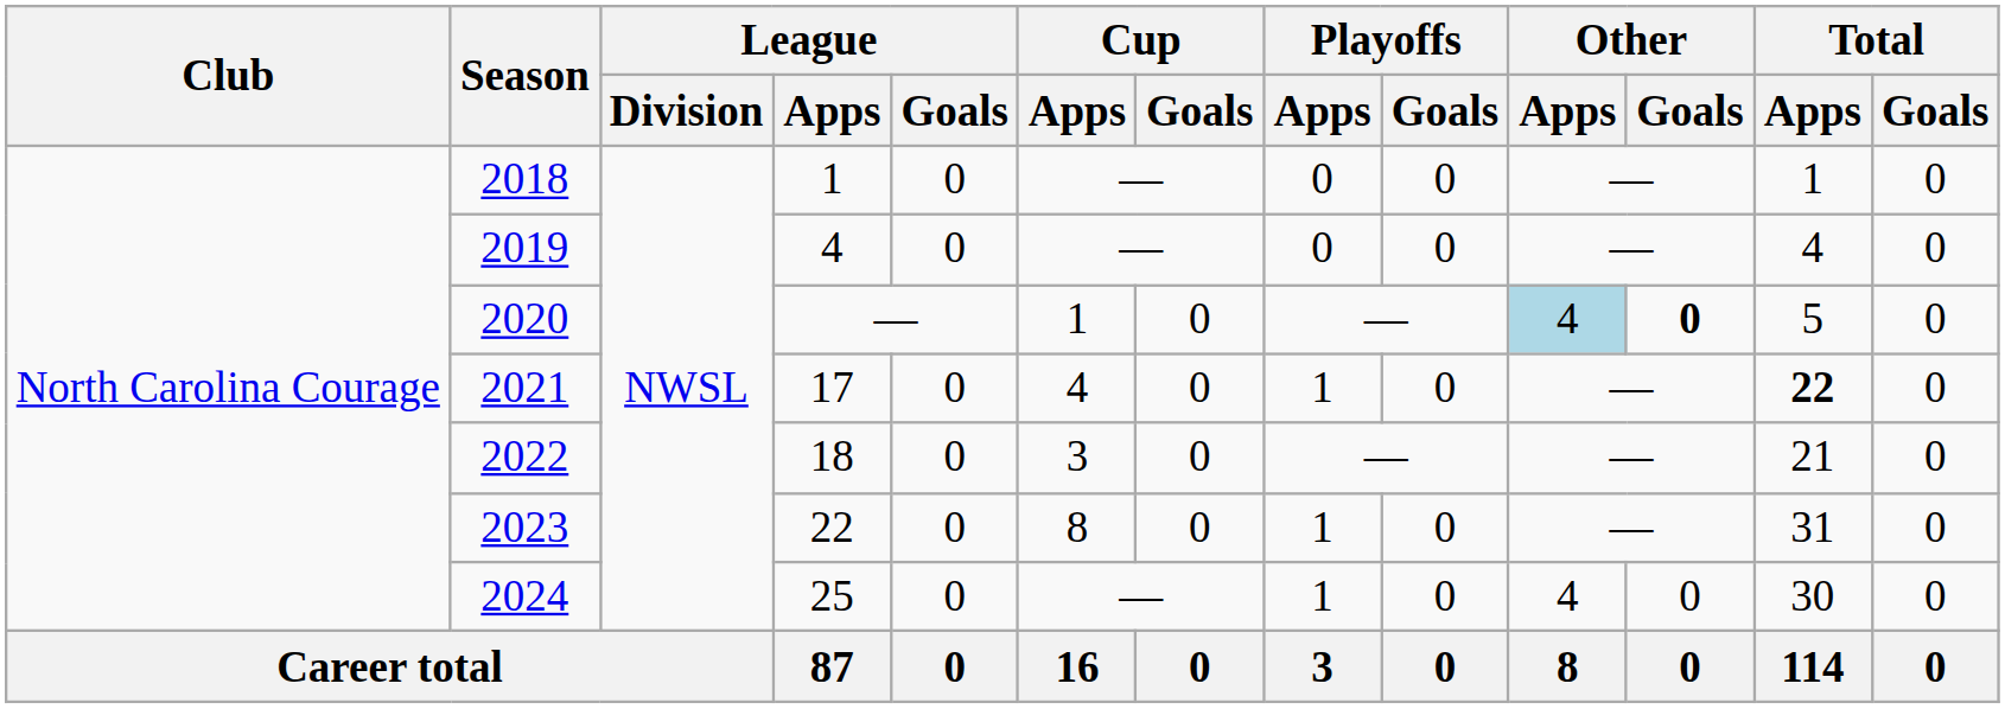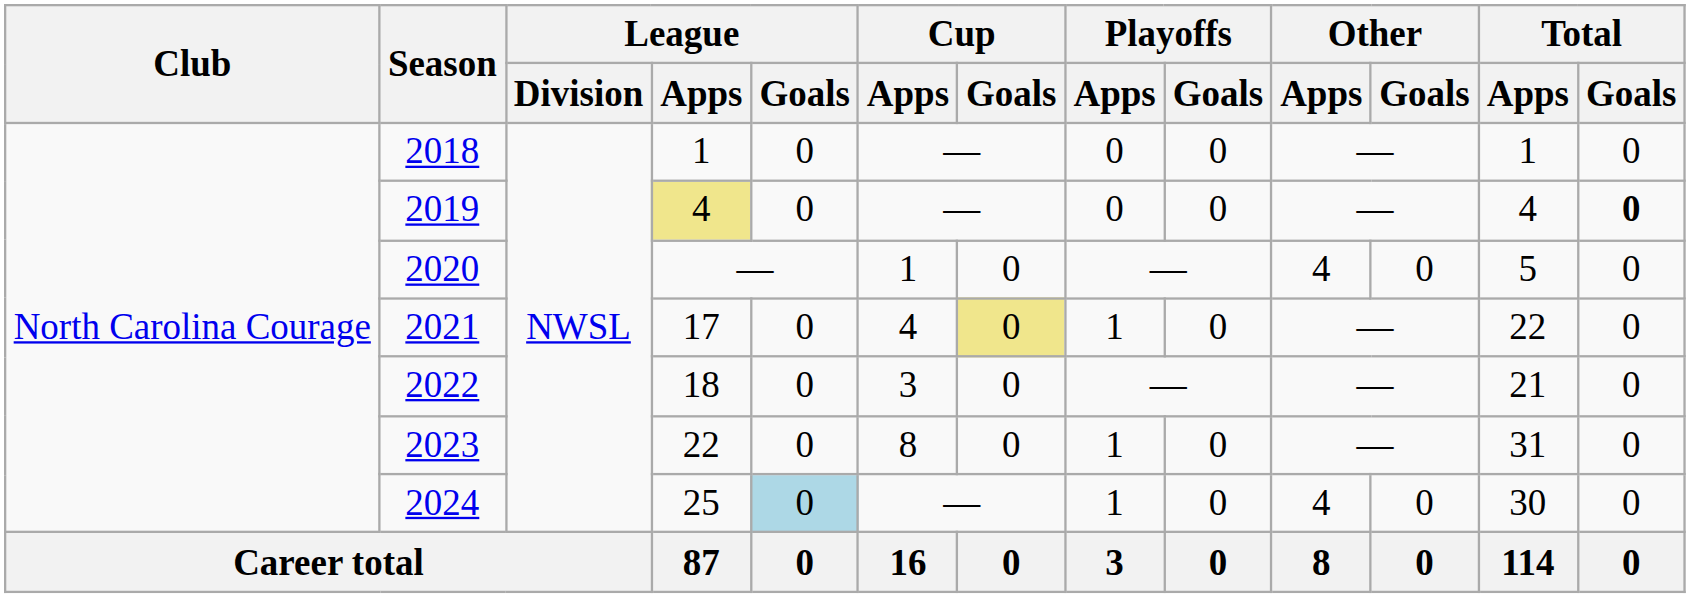 <table class="wikitable" style="text-align: center;">
 <tr>
 <th rowspan="2">Club</th>
 <th rowspan="2">Season</th>
 <th colspan="3">League</th>
 <th colspan="2">Cup</th>
 <th colspan="2">Playoffs</th>
 <th colspan="2">Other</th>
 <th colspan="2">Total</th>
 </tr>
 <tr>
 <th>Division</th>
 <th>Apps</th>
 <th>Goals</th>
 <th>Apps</th>
 <th>Goals</th>
 <th>Apps</th>
 <th>Goals</th>
 <th>Apps</th>
 <th>Goals</th>
 <th>Apps</th>
 <th>Goals</th>
 </tr>
 <tr>
 <td rowspan="7"><a href='#'>North Carolina Courage</a></td>
 <td><a href='#'>2018</a></td>
 <td rowspan="7"><a href='#'>NWSL</a></td>
 <td>1</td>
 <td>0</td>
 <td colspan="2">—</td>
 <td>0</td>
 <td>0</td>
 <td colspan="2">—</td>
 <td>1</td>
 <td>0</td>
 </tr>
 <tr>
 <td><a href='#'>2019</a></td>
-<td>4</td>
+<td style="background: khaki;">4</td>
 <td>0</td>
 <td colspan="2">—</td>
 <td>0</td>
 <td>0</td>
 <td colspan="2">—</td>
 <td>4</td>
-<td>0</td>
+<td><strong>0</strong></td>
 </tr>
 <tr>
 <td><a href='#'>2020</a></td>
 <td colspan="2">—</td>
 <td>1</td>
 <td>0</td>
 <td colspan="2">—</td>
-<td style="background: lightblue;">4</td>
-<td><strong>0</strong></td>
+<td>4</td>
+<td>0</td>
 <td>5</td>
 <td>0</td>
 </tr>
 <tr>
 <td><a href='#'>2021</a></td>
 <td>17</td>
 <td>0</td>
 <td>4</td>
-<td>0</td>
+<td style="background: khaki;">0</td>
 <td>1</td>
 <td>0</td>
 <td colspan="2">—</td>
-<td><strong>22</strong></td>
+<td>22</td>
 <td>0</td>
 </tr>
 <tr>
 <td><a href='#'>2022</a></td>
 <td>18</td>
 <td>0</td>
 <td>3</td>
 <td>0</td>
 <td colspan="2">—</td>
 <td colspan="2">—</td>
 <td>21</td>
 <td>0</td>
 </tr>
 <tr>
 <td><a href='#'>2023</a></td>
 <td>22</td>
 <td>0</td>
 <td>8</td>
 <td>0</td>
 <td>1</td>
 <td>0</td>
 <td colspan="2">—</td>
 <td>31</td>
 <td>0</td>
 </tr>
 <tr>
 <td><a href='#'>2024</a></td>
 <td>25</td>
-<td>0</td>
+<td style="background: lightblue;">0</td>
 <td colspan="2">—</td>
 <td>1</td>
 <td>0</td>
 <td>4</td>
 <td>0</td>
 <td>30</td>
 <td>0</td>
 </tr>
 <tr>
 <th colspan="3">Career total</th>
 <th>87</th>
 <th>0</th>
 <th>16</th>
 <th>0</th>
 <th>3</th>
 <th>0</th>
 <th>8</th>
 <th>0</th>
 <th>114</th>
 <th>0</th>
 </tr>
 </table>
